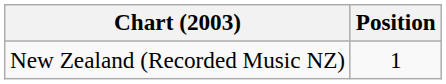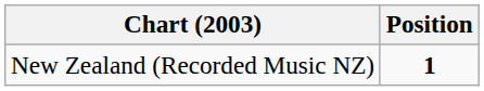 <table class="wikitable sortable">
 <tr>
 <th>Chart (2003)</th>
 <th>Position</th>
 </tr>
 <tr>
 <td align="left">New Zealand (Recorded Music NZ)</td>
-<td align="center">1</td>
+<td align="center"><strong>1</strong></td>
 </tr>
 </table>
